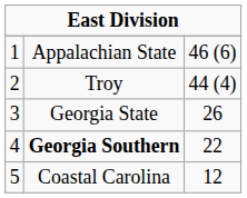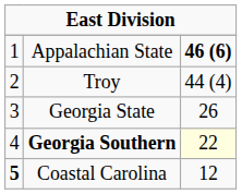 <table class="wikitable">
 <tr align="center">
 <td align="center" Colspan="3"><strong>East Division</strong></td>
 </tr>
 <tr align="center">
 </tr>
 <tr align="center">
 <td>1</td>
 <td>Appalachian State</td>
-<td>46 (6)</td>
+<td><strong>46 (6)</strong></td>
 </tr>
 <tr align="center">
 <td>2</td>
 <td>Troy</td>
 <td>44 (4)</td>
 </tr>
 <tr align="center">
 <td>3</td>
 <td>Georgia State</td>
 <td>26</td>
 </tr>
 <tr align="center">
 <td>4</td>
 <td><strong>Georgia Southern</strong></td>
-<td>22</td>
+<td style="background: lightyellow;">22</td>
 </tr>
 <tr align="center">
-<td>5</td>
+<td><strong>5</strong></td>
 <td>Coastal Carolina</td>
 <td>12</td>
 </tr>
 </table>
